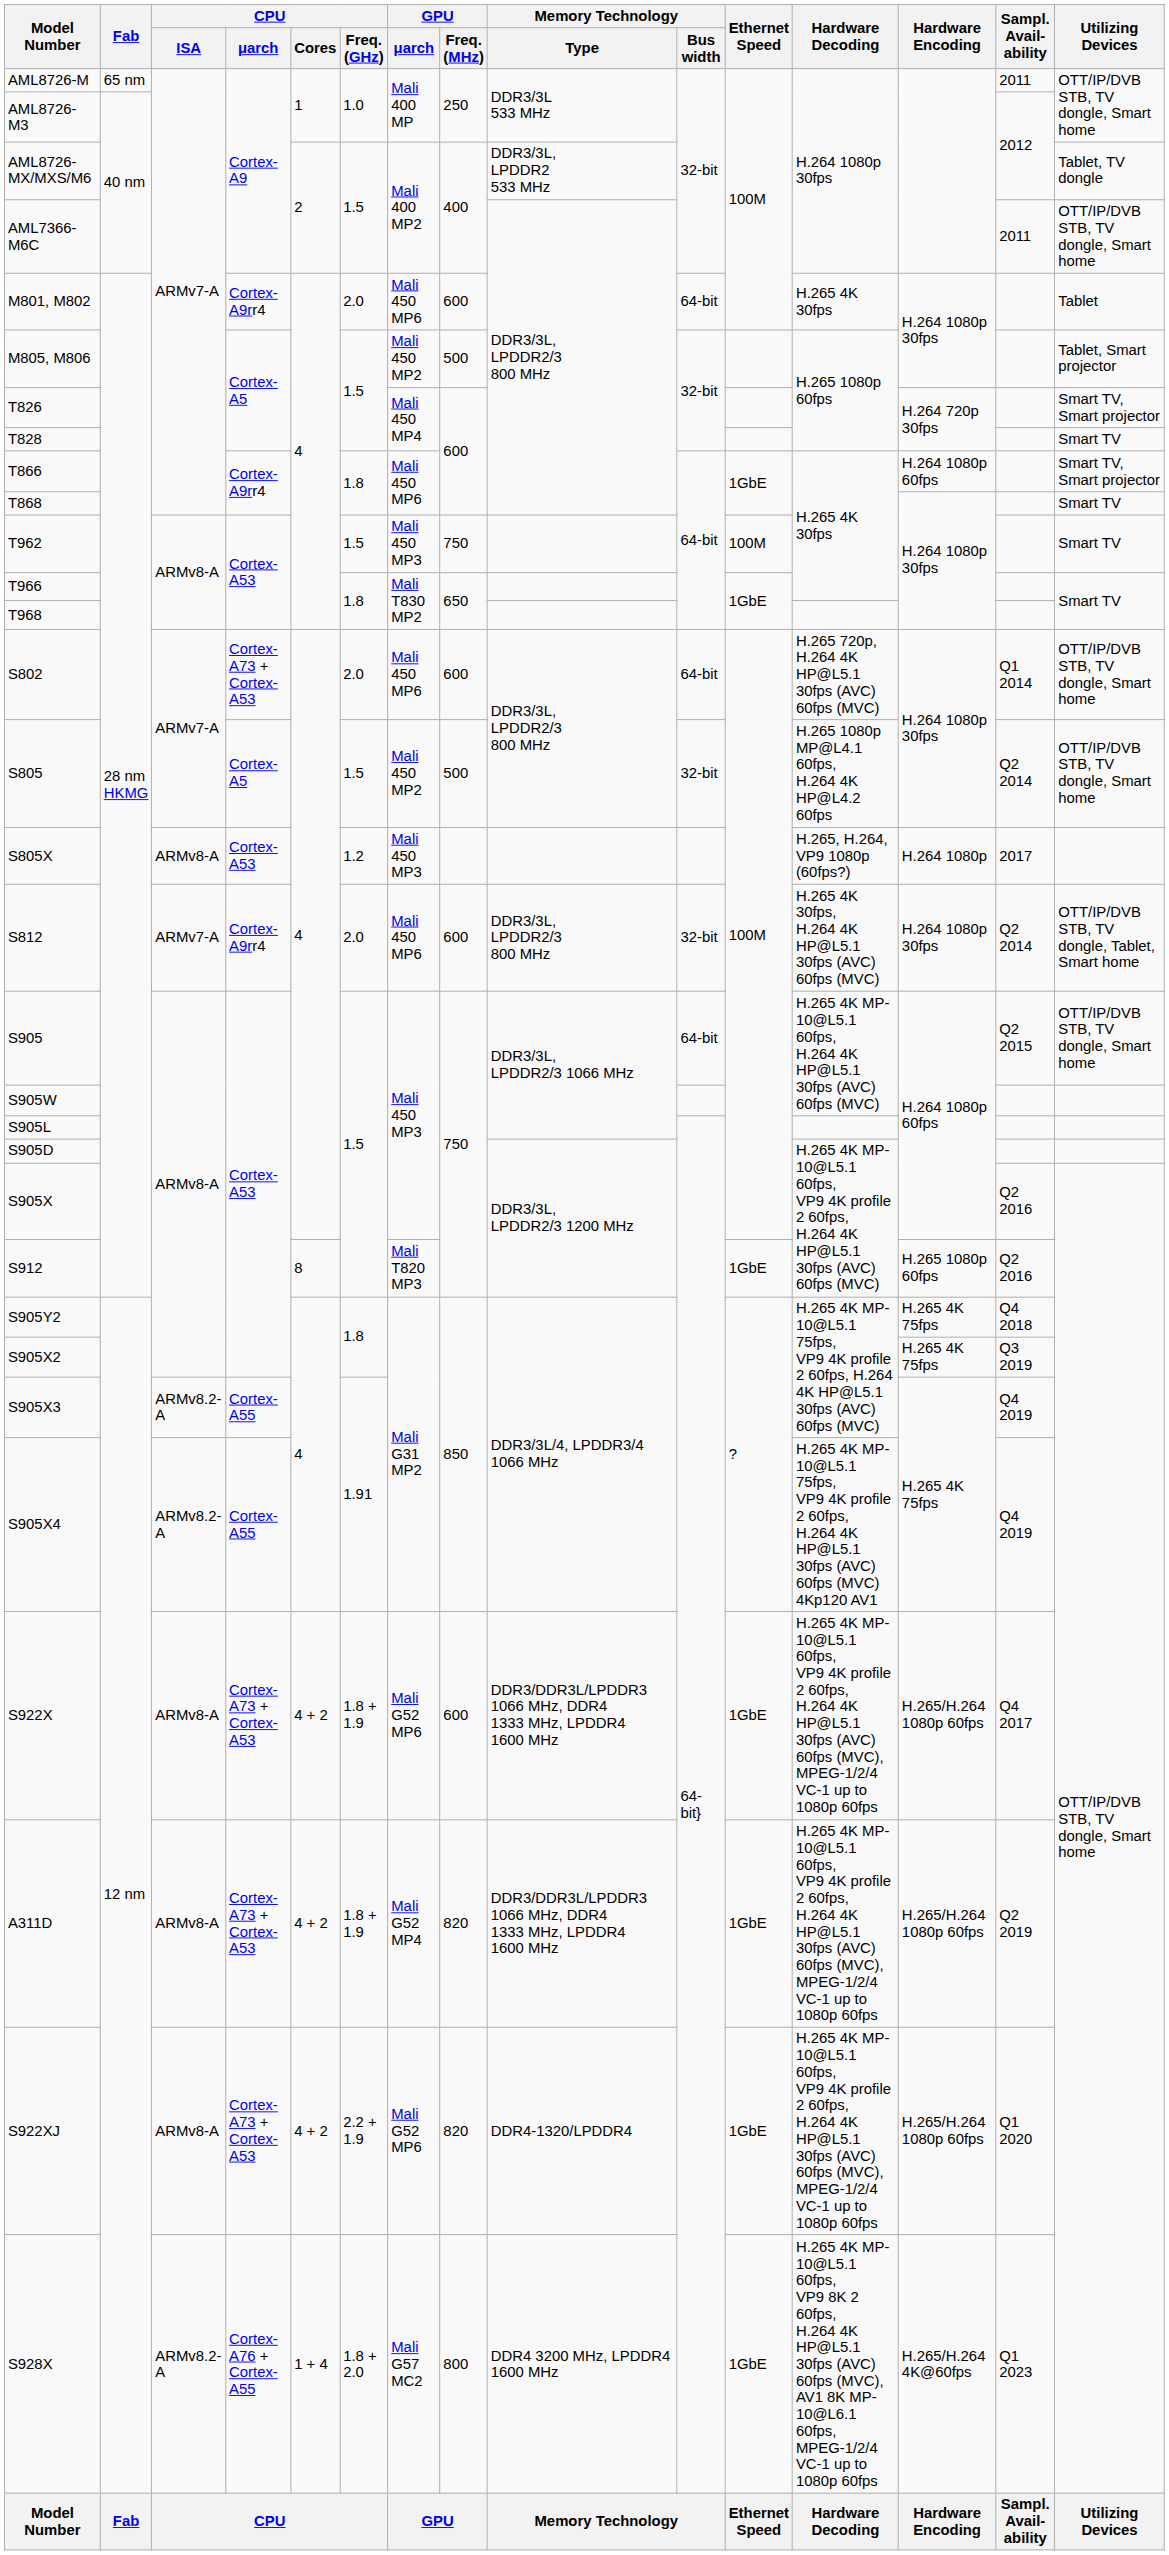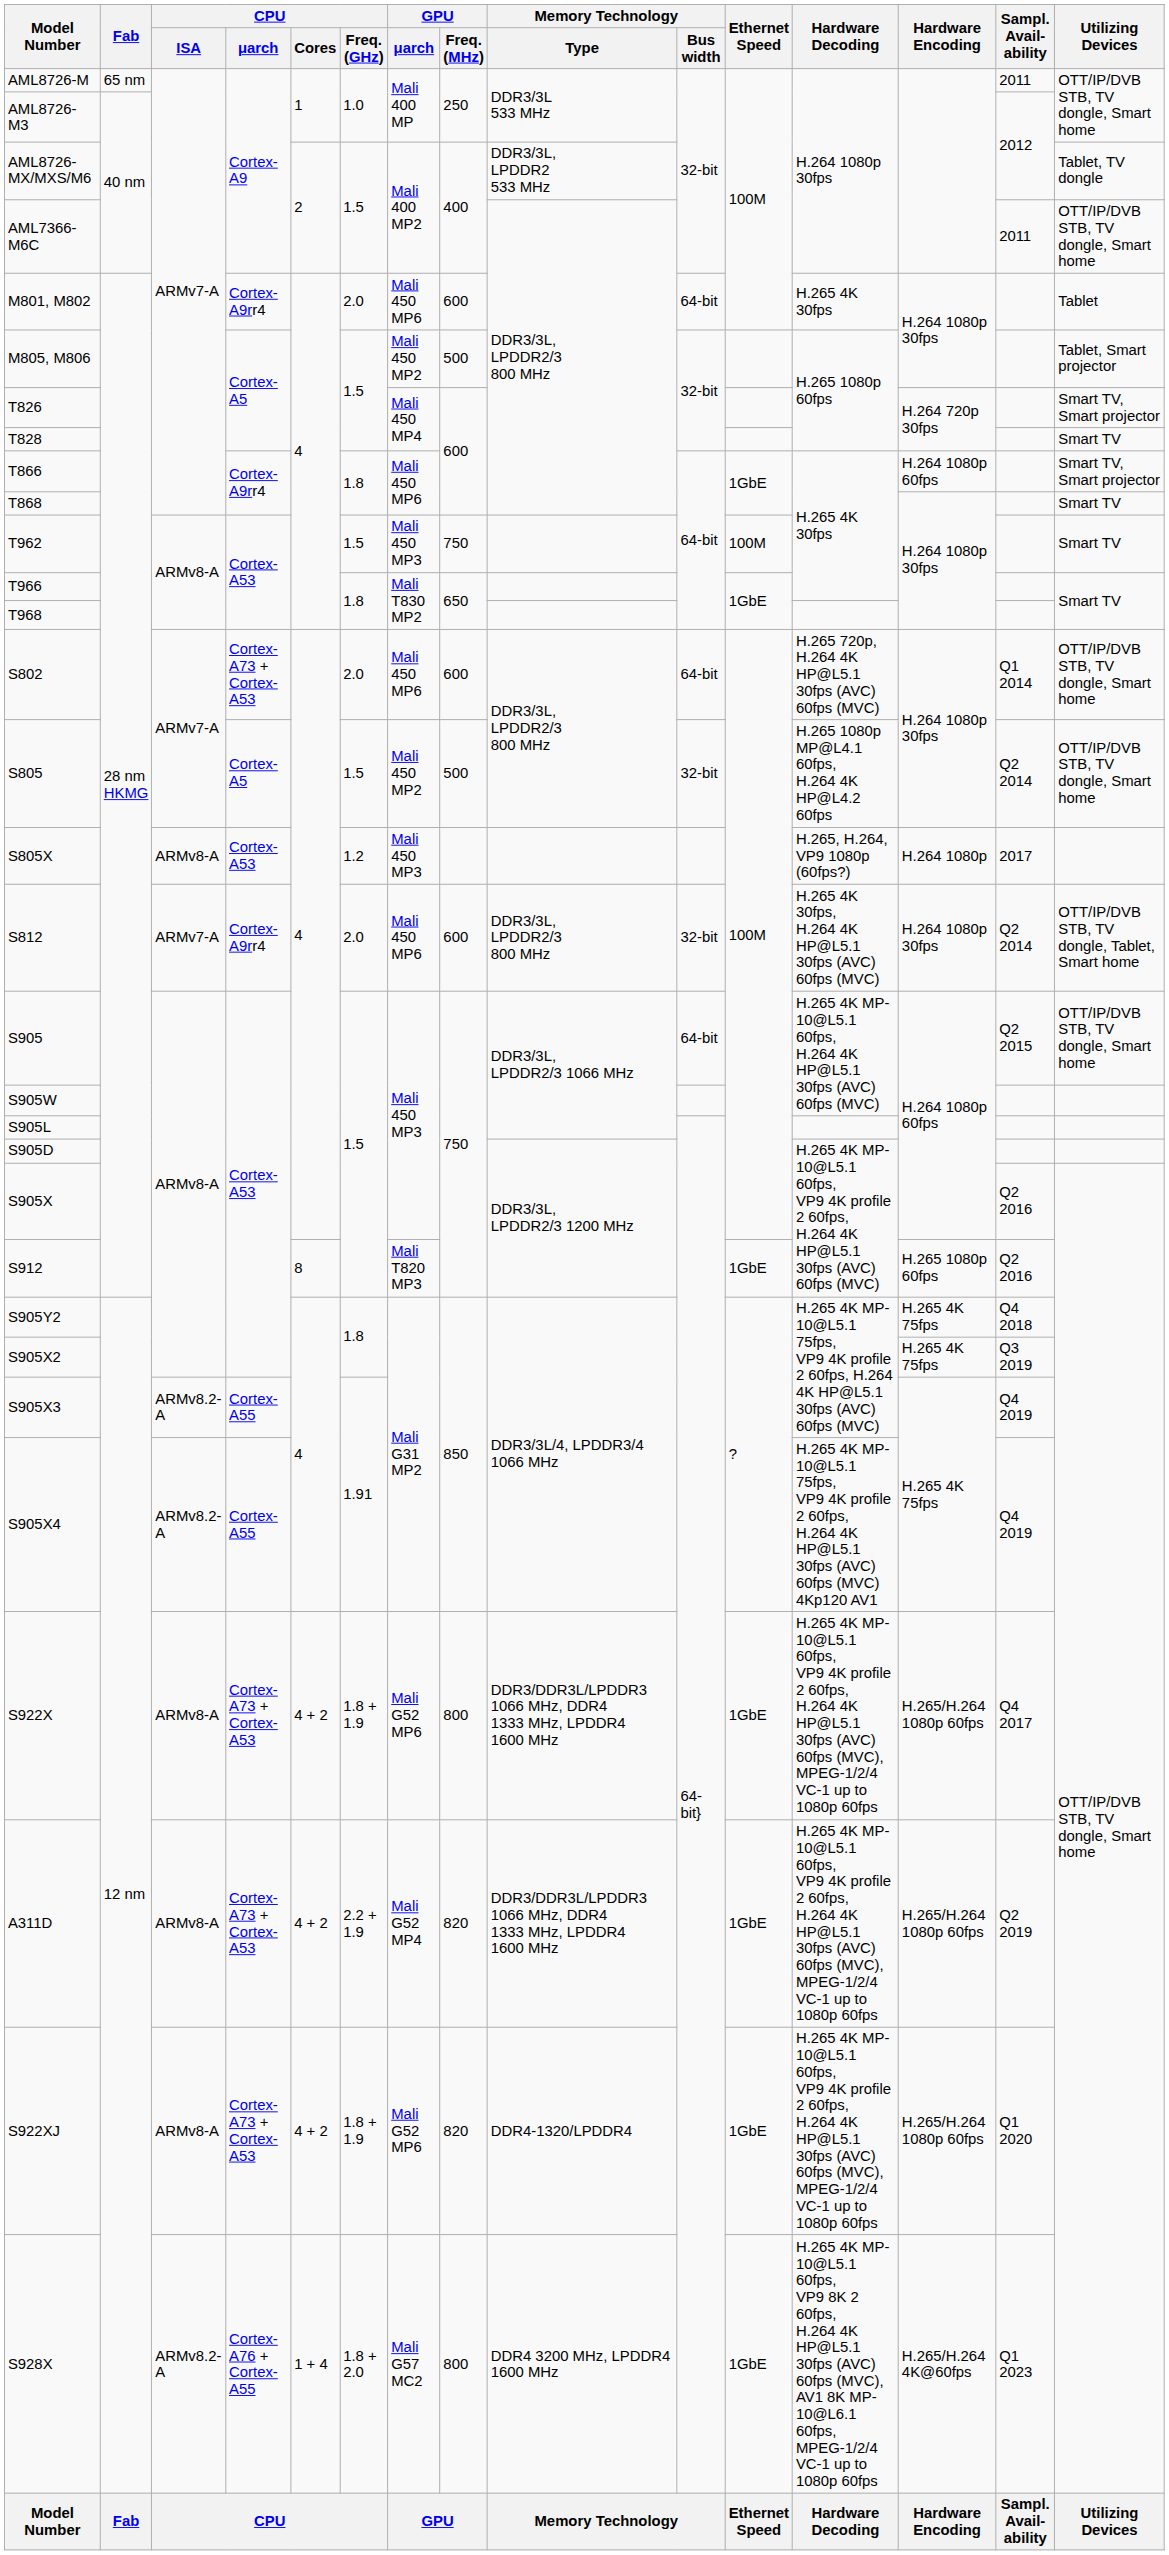 <table class="wikitable sortable sticky-header-multi">
 <tr>
 <th rowspan="2">Model Number</th>
 <th rowspan="2"><a href='#'>Fab</a></th>
 <th colspan="4"><a href='#'>CPU</a></th>
 <th colspan="2"><a href='#'>GPU</a></th>
 <th colspan="2">Memory Technology</th>
 <th rowspan="2">Ethernet<br>Speed</th>
 <th rowspan="2">Hardware<br>Decoding</th>
 <th rowspan="2">Hardware<br>Encoding</th>
 <th rowspan="2">Sampl. Avail-<br>ability</th>
 <th rowspan="2">Utilizing Devices</th>
 </tr>
 <tr>
 <th><a href='#'>ISA</a></th>
 <th><a href='#'>μarch</a></th>
 <th>Cores</th>
 <th>Freq.<br>(<a href='#'>GHz</a>)</th>
 <th><a href='#'>μarch</a></th>
 <th>Freq.<br>(<a href='#'>MHz</a>)</th>
 <th>Type</th>
 <th>Bus width</th>
 </tr>
 <tr>
 <td>AML8726-M</td>
 <td>65 nm</td>
 <td rowspan="10">ARMv7-A</td>
 <td rowspan="4"><a href='#'>Cortex-A9</a></td>
 <td rowspan="2">1</td>
 <td rowspan="2">1.0</td>
 <td rowspan="2"><a href='#'>Mali</a> 400 MP</td>
 <td rowspan="2">250</td>
 <td rowspan="2">DDR3/3L<br>533 MHz</td>
 <td rowspan="4">32-bit</td>
 <td rowspan="5">100M</td>
 <td rowspan="4">H.264 1080p 30fps</td>
 <td rowspan="4"></td>
 <td>2011</td>
 <td rowspan="2">OTT/IP/DVB STB, TV dongle, Smart home</td>
 </tr>
 <tr>
 <td>AML8726-M3</td>
 <td rowspan="3">40 nm</td>
 <td rowspan="2">2012</td>
 </tr>
 <tr>
 <td>AML8726-MX/MXS/M6</td>
 <td rowspan="2">2</td>
 <td rowspan="2">1.5</td>
 <td rowspan="2"><a href='#'>Mali</a> 400 MP2</td>
 <td rowspan="2">400</td>
 <td>DDR3/3L,<br>LPDDR2<br>533 MHz</td>
 <td>Tablet, TV dongle</td>
 </tr>
 <tr>
 <td>AML7366-M6C</td>
 <td rowspan="7">DDR3/3L,<br>LPDDR2/3<br>800 MHz</td>
 <td>2011</td>
 <td>OTT/IP/DVB STB, TV dongle, Smart home</td>
 </tr>
 <tr>
 <td>M801, M802</td>
 <td rowspan="19">28 nm<br><a href='#'>HKMG</a></td>
 <td><a href='#'>Cortex-A9r</a>r4</td>
 <td rowspan="9">4</td>
 <td>2.0</td>
 <td><a href='#'>Mali</a> 450 MP6</td>
 <td>600</td>
 <td>64-bit</td>
 <td>H.265 4K 30fps</td>
 <td rowspan="2">H.264 1080p 30fps</td>
 <td></td>
 <td>Tablet</td>
 </tr>
 <tr>
 <td>M805, M806</td>
 <td rowspan="3"><a href='#'>Cortex-A5</a></td>
 <td rowspan="3">1.5</td>
 <td><a href='#'>Mali</a> 450 MP2</td>
 <td>500</td>
 <td rowspan="3">32-bit</td>
 <td></td>
 <td rowspan="3">H.265 1080p 60fps</td>
 <td></td>
 <td>Tablet, Smart projector</td>
 </tr>
 <tr>
 <td>T826</td>
 <td rowspan="2"><a href='#'>Mali</a> 450 MP4</td>
 <td rowspan="4">600</td>
 <td></td>
 <td rowspan="2">H.264 720p 30fps</td>
 <td></td>
 <td>Smart TV, Smart projector</td>
 </tr>
 <tr>
 <td>T828</td>
 <td></td>
 <td></td>
 <td>Smart TV</td>
 </tr>
 <tr>
 <td>T866</td>
 <td rowspan="2"><a href='#'>Cortex-A9r</a>r4</td>
 <td rowspan="2">1.8</td>
 <td rowspan="2"><a href='#'>Mali</a> 450 MP6</td>
 <td rowspan="5">64-bit</td>
 <td rowspan="2">1GbE</td>
 <td rowspan="4">H.265 4K 30fps</td>
 <td>H.264 1080p 60fps</td>
 <td></td>
 <td>Smart TV, Smart projector</td>
 </tr>
 <tr>
 <td>T868</td>
 <td rowspan="4">H.264 1080p 30fps</td>
 <td></td>
 <td>Smart TV</td>
 </tr>
 <tr>
 <td>T962</td>
 <td rowspan="3">ARMv8-A</td>
 <td rowspan="3"><a href='#'>Cortex-A53</a></td>
 <td>1.5</td>
 <td><a href='#'>Mali</a> 450 MP3</td>
 <td>750</td>
 <td></td>
 <td>100M</td>
 <td></td>
 <td>Smart TV</td>
 </tr>
 <tr>
 <td>T966</td>
 <td rowspan="2">1.8</td>
 <td rowspan="2"><a href='#'>Mali</a> T830 MP2</td>
 <td rowspan="2">650</td>
 <td></td>
 <td rowspan="2">1GbE</td>
 <td></td>
 <td rowspan="2">Smart TV<br></td>
 </tr>
 <tr>
 <td>T968</td>
 <td></td>
 </tr>
 <tr>
 <td>S802</td>
 <td rowspan="2">ARMv7-A</td>
 <td><a href='#'>Cortex-A73</a> + <a href='#'>Cortex-A53</a></td>
 <td rowspan="9">4</td>
 <td>2.0</td>
 <td><a href='#'>Mali</a> 450 MP6</td>
 <td>600</td>
 <td rowspan="2">DDR3/3L,<br>LPDDR2/3<br>800 MHz</td>
 <td>64-bit</td>
 <td rowspan="9">100M</td>
 <td>H.265 720p,<br>H.264 4K HP@L5.1 30fps (AVC) 60fps (MVC)</td>
 <td rowspan="2">H.264 1080p 30fps</td>
 <td>Q1 2014</td>
 <td>OTT/IP/DVB STB, TV dongle, Smart home</td>
 </tr>
 <tr>
 <td>S805</td>
 <td><a href='#'>Cortex-A5</a></td>
 <td>1.5</td>
 <td><a href='#'>Mali</a> 450 MP2</td>
 <td>500</td>
 <td>32-bit</td>
 <td>H.265 1080p MP@L4.1 60fps,<br>H.264 4K HP@L4.2 60fps</td>
 <td>Q2 2014</td>
 <td>OTT/IP/DVB STB, TV dongle, Smart home</td>
 </tr>
 <tr>
 <td>S805X</td>
 <td>ARMv8-A</td>
 <td><a href='#'>Cortex-A53</a></td>
 <td>1.2</td>
 <td><a href='#'>Mali</a> 450 MP3</td>
 <td></td>
 <td></td>
 <td></td>
 <td>H.265, H.264, VP9 1080p (60fps?)</td>
 <td>H.264 1080p</td>
 <td>2017</td>
 <td></td>
 </tr>
 <tr>
 <td>S812</td>
 <td>ARMv7-A</td>
 <td><a href='#'>Cortex-A9r</a>r4</td>
 <td>2.0</td>
 <td><a href='#'>Mali</a> 450 MP6</td>
 <td>600</td>
 <td>DDR3/3L,<br>LPDDR2/3<br>800 MHz</td>
 <td>32-bit</td>
 <td>H.265 4K 30fps,<br>H.264 4K HP@L5.1 30fps (AVC) 60fps (MVC)</td>
 <td>H.264 1080p 30fps</td>
 <td>Q2 2014</td>
 <td>OTT/IP/DVB STB, TV dongle, Tablet, Smart home</td>
 </tr>
 <tr>
 <td>S905</td>
 <td rowspan="8">ARMv8-A</td>
 <td rowspan="8"><a href='#'>Cortex-A53</a></td>
 <td rowspan="6">1.5</td>
 <td rowspan="5"><a href='#'>Mali</a> 450 MP3</td>
 <td rowspan="6">750</td>
 <td rowspan="3">DDR3/3L,<br>LPDDR2/3 1066 MHz</td>
 <td>64-bit</td>
 <td rowspan="2">H.265 4K MP-10@L5.1 60fps,<br>H.264 4K HP@L5.1 30fps (AVC) 60fps (MVC)</td>
 <td rowspan="5">H.264 1080p 60fps</td>
 <td>Q2 2015</td>
 <td>OTT/IP/DVB STB, TV dongle, Smart home</td>
 </tr>
 <tr>
 <td>S905W</td>
 <td></td>
 <td></td>
 <td></td>
 </tr>
 <tr>
 <td>S905L</td>
 <td rowspan="12">64-bit}</td>
 <td></td>
 <td></td>
 </tr>
 <tr>
 <td>S905D</td>
 <td rowspan="3">DDR3/3L,<br>LPDDR2/3 1200 MHz</td>
 <td rowspan="3">H.265 4K MP-10@L5.1 60fps,<br>VP9 4K profile 2 60fps,<br>H.264 4K HP@L5.1 30fps (AVC) 60fps (MVC)</td>
 <td></td>
 <td></td>
 </tr>
 <tr>
 <td>S905X</td>
 <td>Q2 2016</td>
 <td rowspan="10">OTT/IP/DVB STB, TV dongle, Smart home</td>
 </tr>
 <tr>
 <td>S912</td>
 <td>8</td>
 <td><a href='#'>Mali</a> T820 MP3</td>
 <td>1GbE</td>
 <td>H.265 1080p 60fps</td>
 <td>Q2 2016</td>
 </tr>
 <tr>
 <td>S905Y2</td>
 <td rowspan="8">12 nm</td>
 <td rowspan="4">4</td>
 <td rowspan="2">1.8</td>
 <td rowspan="4"><a href='#'>Mali</a> G31 MP2</td>
 <td rowspan="4">850</td>
 <td rowspan="4">DDR3/3L/4, LPDDR3/4 1066 MHz</td>
 <td rowspan="4">?</td>
 <td rowspan="3">H.265 4K MP-10@L5.1 75fps,<br>VP9 4K profile 2 60fps, H.264 4K HP@L5.1 30fps (AVC) 60fps (MVC)</td>
 <td>H.265 4K 75fps</td>
 <td>Q4 2018</td>
 </tr>
 <tr>
 <td>S905X2</td>
 <td>H.265 4K 75fps</td>
 <td>Q3 2019</td>
 </tr>
 <tr>
 <td>S905X3</td>
 <td>ARMv8.2-A </td>
 <td><a href='#'>Cortex-A55</a></td>
 <td rowspan="2">1.91</td>
 <td rowspan="2">H.265 4K 75fps</td>
 <td>Q4 2019</td>
 </tr>
 <tr>
 <td>S905X4</td>
 <td>ARMv8.2-A </td>
 <td><a href='#'>Cortex-A55</a></td>
 <td>H.265 4K MP-10@L5.1 75fps,<br>VP9 4K profile 2 60fps,<br>H.264 4K HP@L5.1 30fps (AVC) 60fps (MVC)<br>4Kp120 AV1</td>
 <td>Q4 2019</td>
 </tr>
 <tr>
 <td>S922X</td>
 <td>ARMv8-A </td>
 <td><a href='#'>Cortex-A73</a> + <a href='#'>Cortex-A53</a></td>
 <td>4 + 2</td>
 <td>1.8 + 1.9</td>
 <td><a href='#'>Mali</a> G52 MP6</td>
-<td>600</td>
+<td>800</td>
 <td>DDR3/DDR3L/LPDDR3 1066 MHz, DDR4 1333 MHz, LPDDR4 1600 MHz</td>
 <td>1GbE</td>
 <td>H.265 4K MP-10@L5.1 60fps,<br>VP9 4K profile 2 60fps,<br>H.264 4K HP@L5.1 30fps (AVC) 60fps (MVC),<br>MPEG-1/2/4 VC-1 up to 1080p 60fps</td>
 <td>H.265/H.264 1080p 60fps</td>
 <td>Q4 2017</td>
 </tr>
 <tr>
 <td>A311D</td>
 <td>ARMv8-A </td>
 <td><a href='#'>Cortex-A73</a> + <a href='#'>Cortex-A53</a></td>
 <td>4 + 2</td>
-<td>1.8 + 1.9</td>
+<td>2.2 + 1.9</td>
 <td><a href='#'>Mali</a> G52 MP4</td>
 <td>820</td>
 <td>DDR3/DDR3L/LPDDR3 1066 MHz, DDR4 1333 MHz, LPDDR4 1600 MHz</td>
 <td>1GbE</td>
 <td>H.265 4K MP-10@L5.1 60fps,<br>VP9 4K profile 2 60fps,<br>H.264 4K HP@L5.1 30fps (AVC) 60fps (MVC),<br>MPEG-1/2/4 VC-1 up to 1080p 60fps</td>
 <td>H.265/H.264 1080p 60fps</td>
 <td>Q2 2019</td>
 </tr>
 <tr>
 <td>S922XJ</td>
 <td>ARMv8-A </td>
 <td><a href='#'>Cortex-A73</a> + <a href='#'>Cortex-A53</a></td>
 <td>4 + 2</td>
-<td>2.2 + 1.9</td>
+<td>1.8 + 1.9</td>
 <td><a href='#'>Mali</a> G52 MP6</td>
 <td>820</td>
 <td>DDR4-1320/LPDDR4</td>
 <td>1GbE</td>
 <td>H.265 4K MP-10@L5.1 60fps,<br>VP9 4K profile 2 60fps,<br>H.264 4K HP@L5.1 30fps (AVC) 60fps (MVC),<br>MPEG-1/2/4 VC-1 up to 1080p 60fps</td>
 <td>H.265/H.264 1080p 60fps</td>
 <td>Q1 2020</td>
 </tr>
 <tr>
 <td>S928X</td>
 <td>ARMv8.2-A </td>
 <td><a href='#'>Cortex-A76</a> + <a href='#'>Cortex-A55</a></td>
 <td>1 + 4</td>
 <td>1.8 + 2.0</td>
 <td><a href='#'>Mali</a> G57 MC2</td>
 <td>800</td>
 <td>DDR4 3200 MHz, LPDDR4 1600 MHz</td>
 <td>1GbE</td>
 <td>H.265 4K MP-10@L5.1 60fps,<br>VP9 8K 2 60fps,<br>H.264 4K HP@L5.1 30fps (AVC) 60fps (MVC),<br>AV1 8K MP-10@L6.1 60fps,<br>MPEG-1/2/4 VC-1 up to 1080p 60fps</td>
 <td>H.265/H.264 4K@60fps</td>
 <td>Q1 2023</td>
 </tr>
 <tr>
 <th rowspan="2">Model Number</th>
 <th rowspan="2"><a href='#'>Fab</a></th>
 <th colspan="4"><a href='#'>CPU</a></th>
 <th colspan="2"><a href='#'>GPU</a></th>
 <th colspan="2">Memory Technology</th>
 <th rowspan="2">Ethernet<br>Speed</th>
 <th rowspan="2">Hardware<br>Decoding</th>
 <th rowspan="2">Hardware<br>Encoding</th>
 <th rowspan="2">Sampl. Avail-<br>ability</th>
 <th rowspan="2">Utilizing Devices</th>
 </tr>
 </table>
